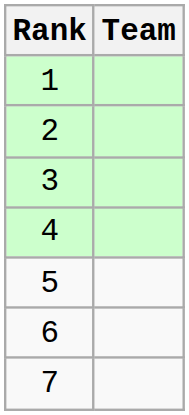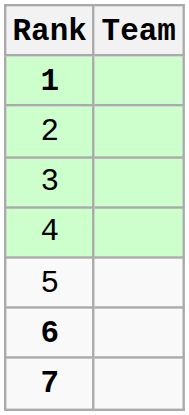 <table class=wikitable style="text-align: center;">
 <tr>
 <th>Rank</th>
 <th>Team</th>
 </tr>
 <tr style="background: #CCFFCC;">
-<td>1</td>
+<td><strong>1</strong></td>
 <td style="text-align: left;"><strong></strong></td>
 </tr>
 <tr style="background: #CCFFCC;">
 <td>2</td>
 <td style="text-align: left;"><strong></strong></td>
 </tr>
 <tr style="background: #CCFFCC;">
 <td>3</td>
 <td style="text-align: left;"><strong></strong></td>
 </tr>
 <tr style="background: #CCFFCC;">
 <td>4</td>
 <td style="text-align: left;"><strong></strong></td>
 </tr>
 <tr>
 <td>5</td>
 <td style="text-align: left;"></td>
 </tr>
 <tr>
-<td>6</td>
+<td><strong>6</strong></td>
 <td style="text-align: left;"></td>
 </tr>
 <tr>
-<td>7</td>
+<td><strong>7</strong></td>
 <td style="text-align: left;"></td>
 </tr>
 </table>
